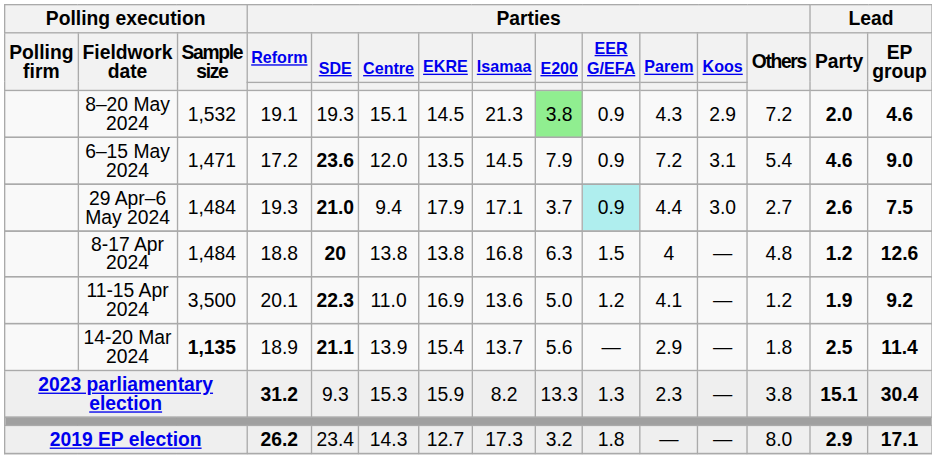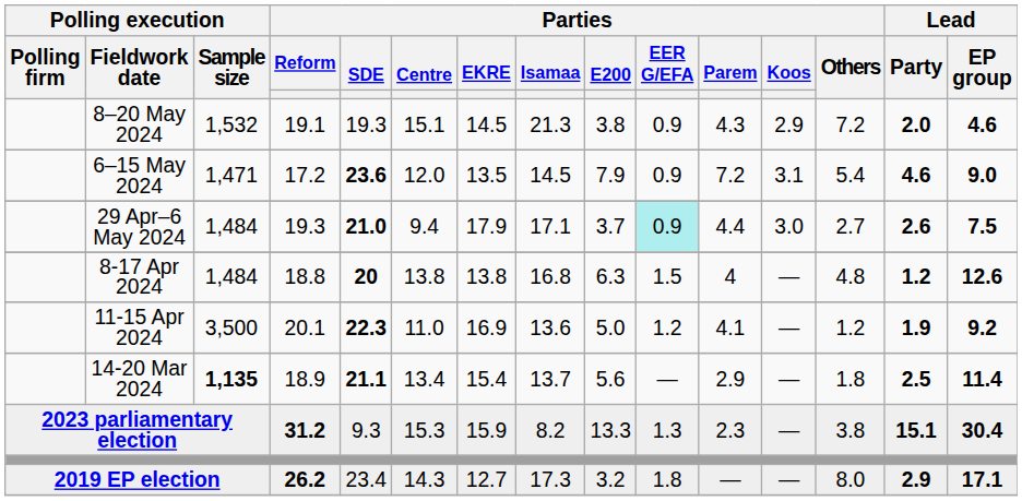 <table class="wikitable sortable mw-datatable" style="text-align:center;font-size:90%;line-height:14px;">
 <tr>
 <th colspan="3"><strong>Polling execution</strong></th>
 <th colspan="10">Parties</th>
 <th colspan="2"><strong>Lead</strong></th>
 </tr>
 <tr>
 <th rowspan="2">Polling<br>firm</th>
 <th rowspan="2">Fieldwork<br>date</th>
 <th rowspan="2" class="unsortable" style="letter-spacing:-1px;">Sample<br>size</th>
 <th class="unsortable" style="width:30px;"><small><a href='#'>Reform</a></small> </th>
 <th class="unsortable" style="width:30px;"><small><br><a href='#'>SDE</a></small><br></th>
 <th class="unsortable" style="width:30px;"><small><br><a href='#'>Centre</a></small><br></th>
 <th class="unsortable" style="width:30px;"><br><small><a href='#'>EKRE</a></small> </th>
 <th class="unsortable" style="width:30px;"><br><small><a href='#'>Isamaa</a></small> <small></small></th>
 <th class="unsortable" style="width:30px;"><small></small><br><small><a href='#'>E200</a></small></th>
 <th class="unsortable" style="width:30px;"><small><a href='#'>EER</a></small> <small><a href='#'>G/EFA</a></small></th>
 <th class="unsortable" style="width:30px;"><br><small><a href='#'>Parem</a></small></th>
 <th class="unsortable" style="width:30px;"><br><small><a href='#'>Koos</a></small></th>
 <th rowspan="2" class="unsortable" style="width:30px;letter-spacing:-1px;">Others</th>
 <th rowspan="2">Party</th>
 <th rowspan="2">EP group</th>
 </tr>
 <tr>
 <th data-sort-type="number" style="background:"></th>
 <th data-sort-type="number" style="background:"></th>
 <th data-sort-type="number" style="background:"></th>
 <th data-sort-type="number" style="background:"></th>
 <th data-sort-type="number" style="background:"></th>
 <th data-sort-type="number" style="background:"></th>
 <th data-sort-type="number" style="background:"></th>
 <th data-sort-type="number" style="background:"></th>
 <th data-sort-type="number" style="background:"></th>
 </tr>
 <tr>
 <td></td>
 <td>8–20 May 2024</td>
 <td>1,532</td>
 <td>19.1<br></td>
 <td>19.3<br></td>
 <td>15.1<br></td>
 <td>14.5<br></td>
 <td>21.3<br></td>
-<td style="background: lightgreen;">3.8<br></td>
+<td>3.8<br></td>
 <td>0.9<br></td>
 <td>4.3<br></td>
 <td>2.9<br></td>
 <td>7.2<br></td>
 <td style="background:"><strong>2.0</strong></td>
 <td style="background:"><strong>4.6</strong></td>
 </tr>
 <tr style="background:#EFEFEF;">
 </tr>
 <tr>
 <td></td>
 <td>6–15 May 2024</td>
 <td>1,471</td>
 <td>17.2<br></td>
 <td><strong>23.6</strong><br></td>
 <td>12.0<br></td>
 <td>13.5<br></td>
 <td>14.5<br></td>
 <td>7.9<br></td>
 <td>0.9<br></td>
 <td>7.2<br></td>
 <td>3.1<br></td>
 <td>5.4<br></td>
 <td style="background:"><strong>4.6</strong></td>
 <td style="background:"><strong>9.0</strong></td>
 </tr>
 <tr style="background:#EFEFEF;">
 </tr>
 <tr>
 <td></td>
 <td>29 Apr–6 May 2024</td>
 <td>1,484</td>
 <td>19.3<br></td>
 <td><strong>21.0</strong><br></td>
 <td>9.4<br></td>
 <td>17.9<br></td>
 <td>17.1<br></td>
 <td>3.7<br></td>
 <td style="background: paleturquoise;">0.9<br></td>
 <td>4.4<br></td>
 <td>3.0<br></td>
 <td>2.7<br></td>
 <td style="background:"><strong>2.6</strong></td>
 <td style="background:"><strong>7.5</strong></td>
 </tr>
 <tr style="background:#EFEFEF;">
 </tr>
 <tr>
 <td></td>
 <td>8-17 Apr 2024</td>
 <td>1,484</td>
 <td>18.8<br></td>
 <td><strong>20</strong><br></td>
 <td>13.8<br></td>
 <td>13.8<br></td>
 <td>16.8<br></td>
 <td>6.3<br></td>
 <td>1.5<br></td>
 <td>4<br></td>
 <td>—</td>
 <td>4.8<br></td>
 <td style="background:"><strong>1.2</strong></td>
 <td style="background:"><strong>12.6</strong></td>
 </tr>
 <tr style="background:#EFEFEF;">
 </tr>
 <tr>
 <td></td>
 <td>11-15 Apr 2024</td>
 <td>3,500</td>
 <td>20.1<br></td>
 <td><strong>22.3</strong><br></td>
 <td>11.0<br></td>
 <td>16.9<br></td>
 <td>13.6<br></td>
 <td>5.0<br></td>
 <td>1.2<br></td>
 <td>4.1<br></td>
 <td>—</td>
 <td>1.2<br></td>
 <td style="background:"><strong>1.9</strong></td>
 <td style="background:"><strong>9.2</strong></td>
 </tr>
 <tr style="background:#EFEFEF;">
 </tr>
 <tr>
 <td></td>
 <td>14-20 Mar 2024</td>
 <td><strong>1,135</strong></td>
 <td>18.9<br></td>
 <td><strong>21.1</strong><br></td>
-<td>13.9<br></td>
+<td>13.4<br></td>
 <td>15.4<br></td>
 <td>13.7<br></td>
 <td>5.6<br></td>
 <td>—</td>
 <td>2.9<br></td>
 <td>—</td>
 <td>1.8<br></td>
 <td style="background:"><strong>2.5</strong></td>
 <td style="background:"><strong>11.4</strong></td>
 </tr>
 <tr style="background:#EFEFEF;">
 <td colspan="3"><strong><a href='#'>2023 parliamentary election</a></strong></td>
 <td><strong>31.2</strong><br></td>
 <td>9.3<br></td>
 <td>15.3<br></td>
 <td>15.9<br></td>
 <td>8.2<br></td>
 <td>13.3<br></td>
 <td>1.3<br></td>
 <td>2.3<br></td>
 <td>—</td>
 <td>3.8<br></td>
 <td style="background:"><strong>15.1</strong></td>
 <td style="background:"><strong>30.4</strong></td>
 </tr>
 <tr style="background:#EFEFEF;">
 </tr>
 <tr>
 <td colspan="17" style="background:#A0A0A0"></td>
 </tr>
 <tr style="background:#EFEFEF;">
 <td colspan="3"><strong><a href='#'>2019 EP election</a></strong></td>
 <td><strong>26.2</strong><br></td>
 <td>23.4<br></td>
 <td>14.3<br></td>
 <td>12.7<br></td>
 <td>17.3<br></td>
 <td>3.2<br></td>
 <td>1.8<br></td>
 <td>—</td>
 <td>—</td>
 <td>8.0<br></td>
 <td style="background:"><strong>2.9</strong></td>
 <td style="background:"><strong>17.1</strong></td>
 </tr>
 <tr style="background:#EFEFEF;">
 </tr>
 </table>
